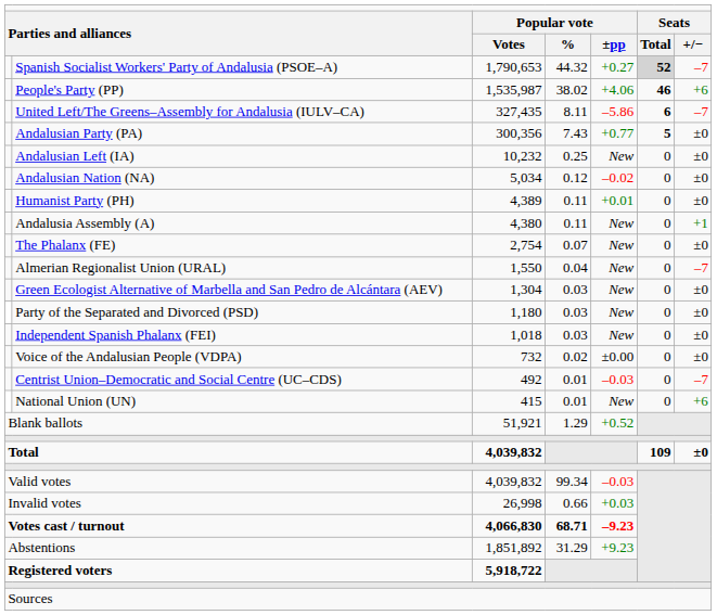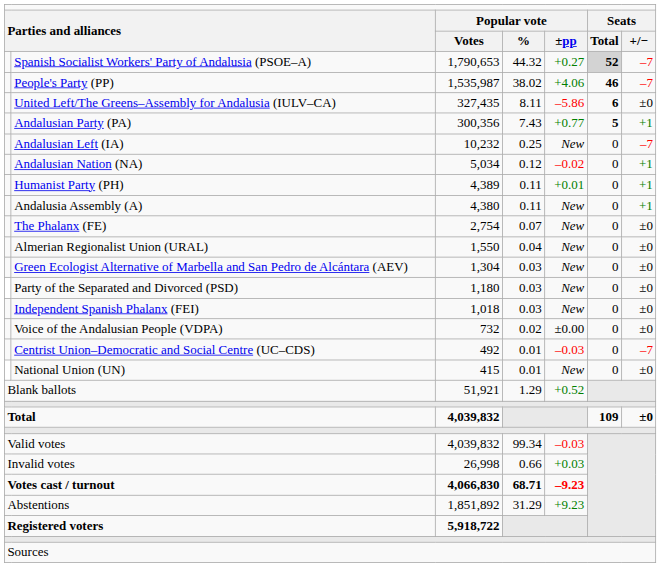 <table class="wikitable" style="text-align:right;">
 <tr>
 <td colspan="7"></td>
 </tr>
 <tr>
 <th style="text-align:left;" rowspan="2" colspan="2" width="525">Parties and alliances</th>
 <th colspan="3">Popular vote</th>
 <th colspan="2">Seats</th>
 </tr>
 <tr>
 <th width="75">Votes</th>
 <th width="45">%</th>
 <th width="45">±<a href='#'>pp</a></th>
 <th width="35">Total</th>
 <th width="35">+/−</th>
 </tr>
 <tr>
 <td width="1" style="color:inherit;background:"></td>
 <td align="left"><a href='#'>Spanish Socialist Workers' Party of Andalusia</a> (PSOE–A)</td>
 <td>1,790,653</td>
 <td>44.32</td>
 <td style="color:green;">+0.27</td>
 <td style="background: lightgrey;"><strong>52</strong></td>
 <td style="color:red;">–7</td>
 </tr>
 <tr>
 <td style="color:inherit;background:"></td>
 <td align="left"><a href='#'>People's Party</a> (PP)</td>
 <td>1,535,987</td>
 <td>38.02</td>
 <td style="color:green;">+4.06</td>
 <td><strong>46</strong></td>
-<td style="color:green;">+6</td>
+<td style="color:red;">–7</td>
 </tr>
 <tr>
 <td style="color:inherit;background:"></td>
 <td align="left"><a href='#'>United Left/The Greens–Assembly for Andalusia</a> (IULV–CA)</td>
 <td>327,435</td>
 <td>8.11</td>
 <td style="color:red;">–5.86</td>
 <td><strong>6</strong></td>
-<td style="color:red;">–7</td>
+<td>±0</td>
 </tr>
 <tr>
 <td style="color:inherit;background:"></td>
 <td align="left"><a href='#'>Andalusian Party</a> (PA)</td>
 <td>300,356</td>
 <td>7.43</td>
 <td style="color:green;">+0.77</td>
 <td><strong>5</strong></td>
-<td>±0</td>
+<td style="color:green;">+1</td>
 </tr>
 <tr>
 <td style="color:inherit;background:"></td>
 <td align="left"><a href='#'>Andalusian Left</a> (IA)</td>
 <td>10,232</td>
 <td>0.25</td>
 <td><em>New</em></td>
 <td>0</td>
-<td>±0</td>
+<td style="color:red;">–7</td>
 </tr>
 <tr>
 <td style="color:inherit;background:"></td>
 <td align="left"><a href='#'>Andalusian Nation</a> (NA)</td>
 <td>5,034</td>
 <td>0.12</td>
 <td style="color:red;">–0.02</td>
 <td>0</td>
-<td>±0</td>
+<td style="color:green;">+1</td>
 </tr>
 <tr>
 <td style="color:inherit;background:"></td>
 <td align="left"><a href='#'>Humanist Party</a> (PH)</td>
 <td>4,389</td>
 <td>0.11</td>
 <td style="color:green;">+0.01</td>
 <td>0</td>
-<td>±0</td>
+<td style="color:green;">+1</td>
 </tr>
 <tr>
 <td style="color:inherit;background:"></td>
 <td align="left">Andalusia Assembly (A)</td>
 <td>4,380</td>
 <td>0.11</td>
 <td><em>New</em></td>
 <td>0</td>
 <td style="color:green;">+1</td>
 </tr>
 <tr>
 <td style="color:inherit;background:"></td>
 <td align="left"><a href='#'>The Phalanx</a> (FE)</td>
 <td>2,754</td>
 <td>0.07</td>
 <td><em>New</em></td>
 <td>0</td>
 <td>±0</td>
 </tr>
 <tr>
 <td style="color:inherit;background:"></td>
 <td align="left">Almerian Regionalist Union (URAL)</td>
 <td>1,550</td>
 <td>0.04</td>
 <td><em>New</em></td>
 <td>0</td>
-<td style="color:red;">–7</td>
+<td>±0</td>
 </tr>
 <tr>
 <td style="color:inherit;background:"></td>
 <td align="left"><a href='#'>Green Ecologist Alternative of Marbella and San Pedro de Alcántara</a> (AEV)</td>
 <td>1,304</td>
 <td>0.03</td>
 <td><em>New</em></td>
 <td>0</td>
 <td>±0</td>
 </tr>
 <tr>
 <td bgcolor="white"></td>
 <td align="left">Party of the Separated and Divorced (PSD)</td>
 <td>1,180</td>
 <td>0.03</td>
 <td><em>New</em></td>
 <td>0</td>
 <td>±0</td>
 </tr>
 <tr>
 <td style="color:inherit;background:"></td>
 <td align="left"><a href='#'>Independent Spanish Phalanx</a> (FEI)</td>
 <td>1,018</td>
 <td>0.03</td>
 <td><em>New</em></td>
 <td>0</td>
 <td>±0</td>
 </tr>
 <tr>
 <td style="color:inherit;background:"></td>
 <td align="left">Voice of the Andalusian People (VDPA)</td>
 <td>732</td>
 <td>0.02</td>
 <td>±0.00</td>
 <td>0</td>
 <td>±0</td>
 </tr>
 <tr>
 <td style="color:inherit;background:"></td>
 <td align="left"><a href='#'>Centrist Union–Democratic and Social Centre</a> (UC–CDS)</td>
 <td>492</td>
 <td>0.01</td>
 <td style="color:red;">–0.03</td>
 <td>0</td>
 <td style="color:red;">–7</td>
 </tr>
 <tr>
 <td bgcolor="white"></td>
 <td align="left">National Union (UN)</td>
 <td>415</td>
 <td>0.01</td>
 <td><em>New</em></td>
 <td>0</td>
-<td style="color:green;">+6</td>
+<td>±0</td>
 </tr>
 <tr>
 <td align="left" colspan="2">Blank ballots</td>
 <td>51,921</td>
 <td>1.29</td>
 <td style="color:green;">+0.52</td>
 <td bgcolor="#E9E9E9" colspan="2"></td>
 </tr>
 <tr>
 <td colspan="7" bgcolor="#E9E9E9"></td>
 </tr>
 <tr style="font-weight:bold;">
 <td align="left" colspan="2">Total</td>
 <td>4,039,832</td>
 <td bgcolor="#E9E9E9" colspan="2"></td>
 <td>109</td>
 <td>±0</td>
 </tr>
 <tr>
 <td colspan="7" bgcolor="#E9E9E9"></td>
 </tr>
 <tr>
 <td align="left" colspan="2">Valid votes</td>
 <td>4,039,832</td>
 <td>99.34</td>
 <td style="color:red;">–0.03</td>
 <td bgcolor="#E9E9E9" colspan="2" rowspan="5"></td>
 </tr>
 <tr>
 <td align="left" colspan="2">Invalid votes</td>
 <td>26,998</td>
 <td>0.66</td>
 <td style="color:green;">+0.03</td>
 </tr>
 <tr style="font-weight:bold;">
 <td align="left" colspan="2">Votes cast / turnout</td>
 <td>4,066,830</td>
 <td>68.71</td>
 <td style="color:red;">–9.23</td>
 </tr>
 <tr>
 <td align="left" colspan="2">Abstentions</td>
 <td>1,851,892</td>
 <td>31.29</td>
 <td style="color:green;">+9.23</td>
 </tr>
 <tr style="font-weight:bold;">
 <td align="left" colspan="2">Registered voters</td>
 <td>5,918,722</td>
 <td bgcolor="#E9E9E9" colspan="2"></td>
 </tr>
 <tr>
 <td colspan="7" bgcolor="#E9E9E9"></td>
 </tr>
 <tr>
 <td align="left" colspan="7">Sources</td>
 </tr>
 </table>
